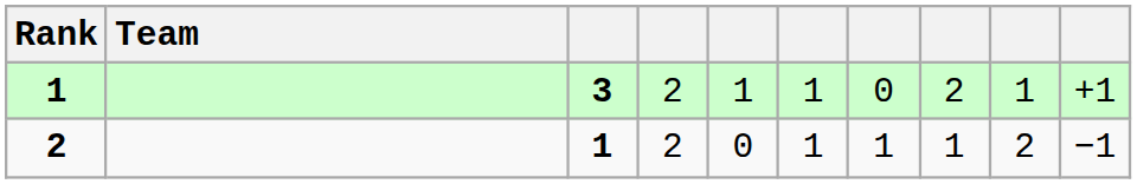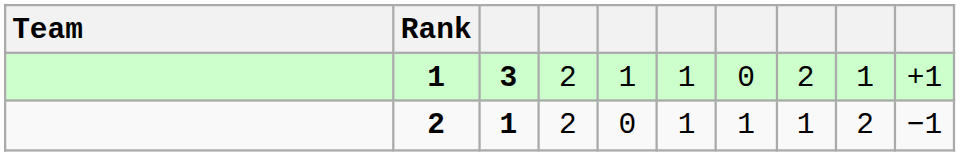 <table class="wikitable" style="text-align:center">
 <tr>
+<th width=165 style="text-align:left">Team</th>
 <th width=30>Rank</th>
-<th width=165 style="text-align:left">Team</th>
 <th width=20></th>
 <th width=20></th>
 <th width=20></th>
 <th width=20></th>
 <th width=20></th>
 <th width=20></th>
 <th width=20></th>
 <th width=20></th>
 </tr>
 <tr bgcolor="#ccffcc">
+<td align="left"></td>
 <td><strong>1</strong></td>
-<td align="left"></td>
 <td><strong>3</strong></td>
 <td>2</td>
 <td>1</td>
 <td>1</td>
 <td>0</td>
 <td>2</td>
 <td>1</td>
 <td>+1</td>
 </tr>
 <tr>
+<td align="left"></td>
 <td><strong>2</strong></td>
-<td align="left"></td>
 <td><strong>1</strong></td>
 <td>2</td>
 <td>0</td>
 <td>1</td>
 <td>1</td>
 <td>1</td>
 <td>2</td>
 <td>−1</td>
 </tr>
 </table>
